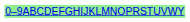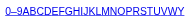 <table id="toc" class="toc" summary="Class" align="center" style="text-align:center;">
 <tr>
 <th></th>
 </tr>
 <tr>
-<td style="background: lightgreen;"><a href='#'>0–9</a><a href='#'>A</a><a href='#'>B</a><a href='#'>C</a><a href='#'>D</a><a href='#'>E</a><a href='#'>F</a><a href='#'>G</a><a href='#'>H</a><a href='#'>I</a><a href='#'>J</a><a href='#'>K</a><a href='#'>L</a><a href='#'>M</a><a href='#'>N</a><a href='#'>O</a><a href='#'>P</a><a href='#'>R</a><a href='#'>S</a><a href='#'>T</a><a href='#'>U</a><a href='#'>V</a><a href='#'>W</a><a href='#'>Y</a></td>
+<td><a href='#'>0–9</a><a href='#'>A</a><a href='#'>B</a><a href='#'>C</a><a href='#'>D</a><a href='#'>E</a><a href='#'>F</a><a href='#'>G</a><a href='#'>H</a><a href='#'>I</a><a href='#'>J</a><a href='#'>K</a><a href='#'>L</a><a href='#'>M</a><a href='#'>N</a><a href='#'>O</a><a href='#'>P</a><a href='#'>R</a><a href='#'>S</a><a href='#'>T</a><a href='#'>U</a><a href='#'>V</a><a href='#'>W</a><a href='#'>Y</a></td>
 </tr>
 </table>
